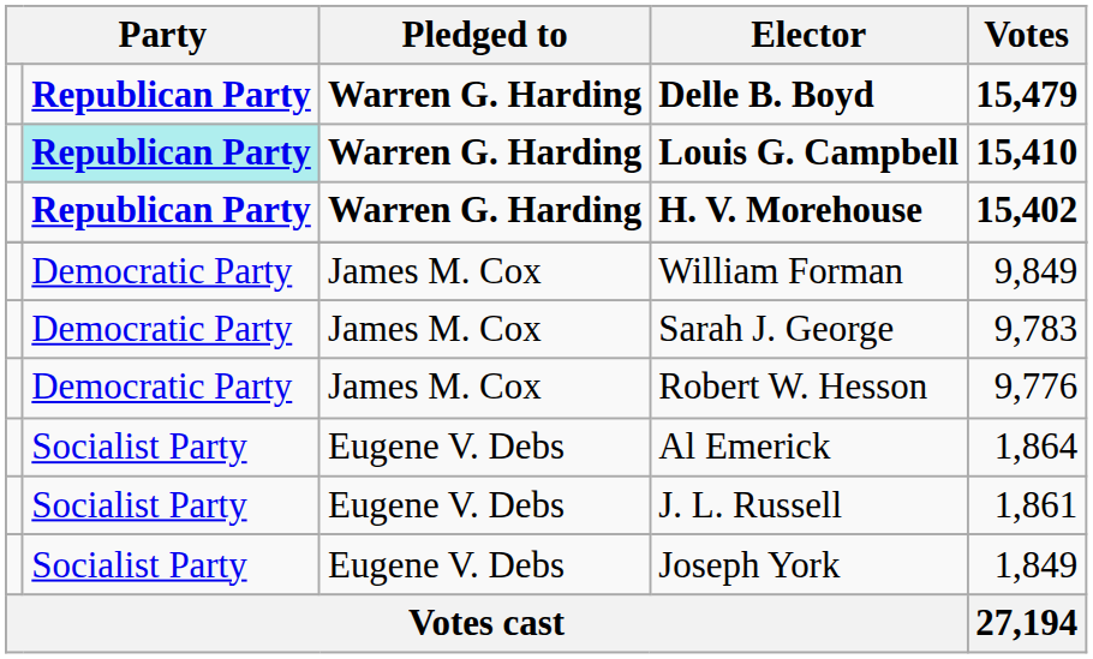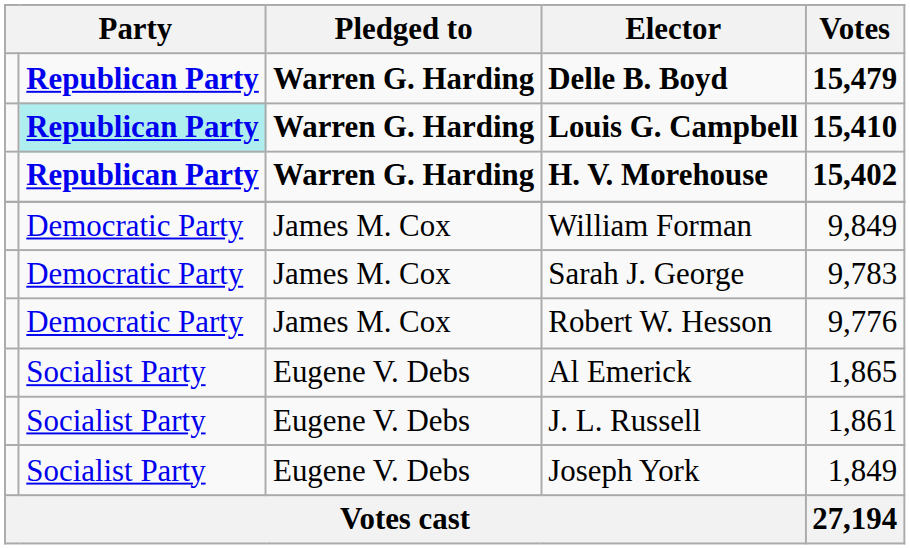 <table class="wikitable">
 <tr>
 <th colspan=2>Party</th>
 <th>Pledged to</th>
 <th>Elector</th>
 <th>Votes</th>
 </tr>
 <tr style="font-weight:bold">
 <td></td>
 <td><a href='#'>Republican Party</a></td>
 <td>Warren G. Harding</td>
 <td>Delle B. Boyd</td>
 <td align="right">15,479</td>
 </tr>
 <tr style="font-weight:bold">
 <td></td>
 <td style="background: paleturquoise;"><a href='#'>Republican Party</a></td>
 <td>Warren G. Harding</td>
 <td>Louis G. Campbell</td>
 <td align="right">15,410</td>
 </tr>
 <tr style="font-weight:bold">
 <td></td>
 <td><a href='#'>Republican Party</a></td>
 <td>Warren G. Harding</td>
 <td>H. V. Morehouse</td>
 <td align="right">15,402</td>
 </tr>
 <tr style="font-weight:bold">
 </tr>
 <tr>
 <td></td>
 <td><a href='#'>Democratic Party</a></td>
 <td>James M. Cox</td>
 <td>William Forman</td>
 <td align="right">9,849</td>
 </tr>
 <tr>
 <td></td>
 <td><a href='#'>Democratic Party</a></td>
 <td>James M. Cox</td>
 <td>Sarah J. George</td>
 <td align="right">9,783</td>
 </tr>
 <tr>
 <td></td>
 <td><a href='#'>Democratic Party</a></td>
 <td>James M. Cox</td>
 <td>Robert W. Hesson</td>
 <td align="right">9,776</td>
 </tr>
 <tr>
 <td></td>
 <td><a href='#'>Socialist Party</a></td>
 <td>Eugene V. Debs</td>
 <td>Al Emerick</td>
-<td align="right">1,864</td>
+<td align="right">1,865</td>
 </tr>
 <tr>
 <td></td>
 <td><a href='#'>Socialist Party</a></td>
 <td>Eugene V. Debs</td>
 <td>J. L. Russell</td>
 <td align="right">1,861</td>
 </tr>
 <tr>
 <td></td>
 <td><a href='#'>Socialist Party</a></td>
 <td>Eugene V. Debs</td>
 <td>Joseph York</td>
 <td align="right">1,849</td>
 </tr>
 <tr>
 <th colspan="4">Votes cast</th>
 <th>27,194</th>
 </tr>
 </table>
